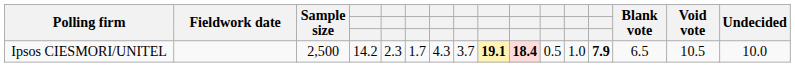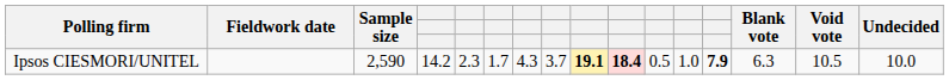 <table class="wikitable collapsible" style="text-align:center; font-size:95%; line-height:16px;">
 <tr>
 <th style="width:175px;" rowspan="3">Polling firm</th>
 <th style="width:125px;"rowspan="3">Fieldwork date</th>
 <th style="width:50px;"rowspan="3">Sample size</th>
 <th></th>
 <th></th>
 <th></th>
 <th></th>
 <th></th>
 <th></th>
 <th></th>
 <th></th>
 <th></th>
 <th></th>
 <th style="width:50px;"rowspan="3">Blank vote</th>
 <th style="width:50px;"rowspan="3">Void vote</th>
 <th style="width:50px;"rowspan="3">Undecided</th>
 </tr>
 <tr>
 <th></th>
 <th></th>
 <th></th>
 <th></th>
 <th></th>
 <th></th>
 <th></th>
 <th></th>
 <th></th>
 <th></th>
 </tr>
 <tr>
 <th style="background:"></th>
 <th style="background:"></th>
 <th style="background:"></th>
 <th style="background:"></th>
 <th style="background:"></th>
 <th style="background:"></th>
 <th style="background:"></th>
 <th style="background:"></th>
 <th style="background:"></th>
 <th style="background:"></th>
 </tr>
 <tr>
 <td>Ipsos CIESMORI/UNITEL</td>
 <td></td>
-<td>2,500</td>
+<td>2,590</td>
 <td>14.2</td>
 <td>2.3</td>
 <td>1.7</td>
 <td>4.3</td>
 <td>3.7</td>
 <td style="background:#fff3b3;"><strong>19.1</strong></td>
 <td style="background:#ffdada;"><strong>18.4</strong></td>
 <td>0.5</td>
 <td>1.0</td>
 <td><strong>7.9</strong></td>
-<td>6.5</td>
+<td>6.3</td>
 <td>10.5</td>
 <td>10.0</td>
 </tr>
 </table>
